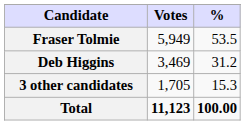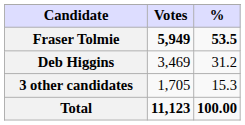 <table class="wikitable sortable plainrowheaders">
 <tr style="background-color:#00594E">
 </tr>
 <tr>
 </tr>
 <tr>
 <th scope="col" style="background:#ddf; width:150px;">Candidate</th>
 <th scope="col" style="background:#ddf;">Votes</th>
 <th scope="col" style="background:#ddf;">%</th>
 </tr>
 <tr>
 <th scope="row">Fraser Tolmie</th>
-<td align="right">5,949</td>
-<td align="right">53.5</td>
+<td align="right"><strong>5,949</strong></td>
+<td align="right"><strong>53.5</strong></td>
 </tr>
 <tr>
 <th scope="row"><strong>Deb Higgins</strong></th>
 <td align="right">3,469</td>
 <td align="right">31.2</td>
 </tr>
 <tr>
 <th scope="row">3 other candidates</th>
 <td align="right">1,705</td>
 <td align="right">15.3</td>
 </tr>
 <tr>
 <th scope="row"><strong>Total</strong></th>
 <td align="right"><strong>11,123</strong></td>
 <td align="right"><strong>100.00</strong></td>
 </tr>
 </table>
